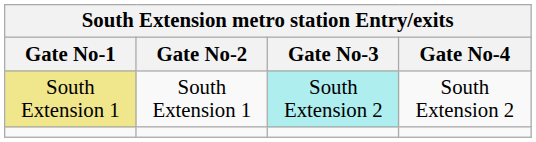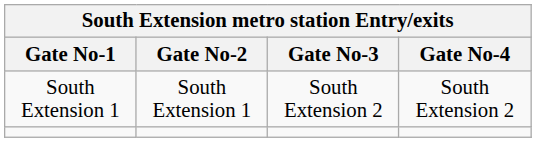 <table class="wikitable" style="text-align: center;" width="65%">
 <tr>
 <th align="center" colspan="5" style="background:#"><span>South Extension metro station Entry/exits</span></th>
 </tr>
 <tr>
 <th style="width:15%;">Gate No-1</th>
 <th style="width:15%;">Gate No-2 </th>
 <th style="width:15%;">Gate No-3</th>
 <th style="width:15%;">Gate No-4 </th>
 </tr>
 <tr>
-<td style="background: khaki;">South Extension 1</td>
 <td>South Extension 1</td>
-<td style="background: paleturquoise;">South Extension 2</td>
+<td>South Extension 1</td>
+<td>South Extension 2</td>
 <td>South Extension 2</td>
 </tr>
 <tr>
 <td></td>
 <td></td>
 <td></td>
 <td></td>
 </tr>
 </table>
